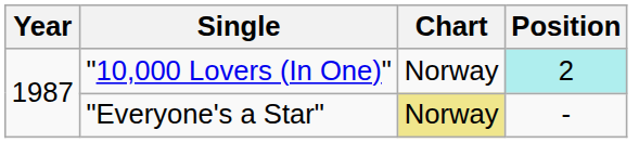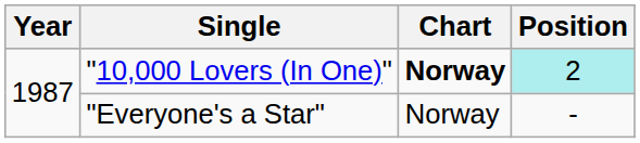 <table class="wikitable">
 <tr>
 <th>Year</th>
 <th>Single</th>
 <th>Chart</th>
 <th>Position</th>
 </tr>
 <tr>
 <td rowspan="2">1987</td>
 <td>"<a href='#'>10,000 Lovers (In One)</a>"</td>
-<td>Norway</td>
+<td><strong>Norway</strong></td>
 <td align="center" style="background: paleturquoise;">2</td>
 </tr>
 <tr>
 <td>"Everyone's a Star"</td>
-<td style="background: khaki;">Norway</td>
+<td>Norway</td>
 <td align="center">-</td>
 </tr>
 </table>
